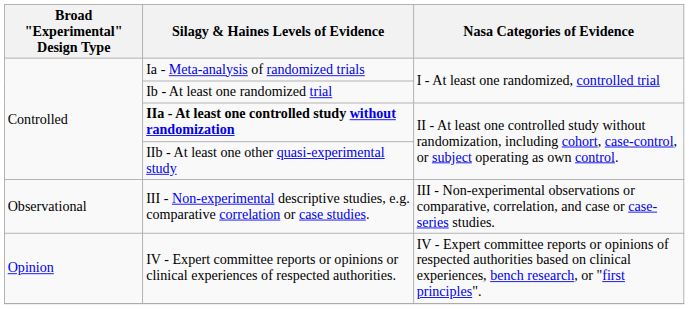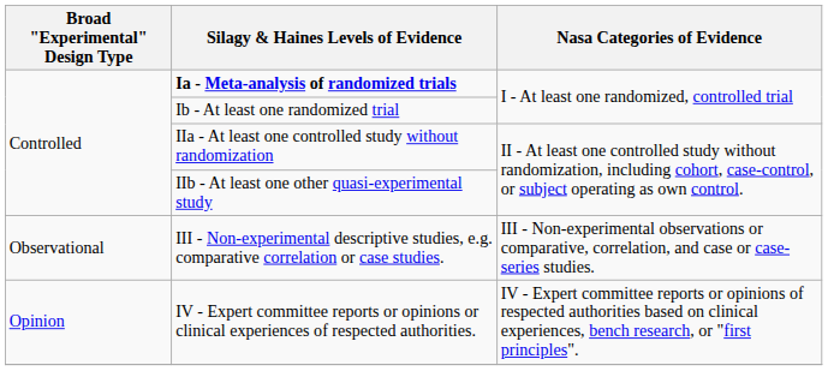 <table class="wikitable" >
 <tr>
 <th scope="col" width="150">Broad "Experimental" Design Type</th>
 <th scope="col" width="300">Silagy & Haines Levels of Evidence</th>
 <th scope="col" width="300">Nasa Categories of Evidence</th>
 </tr>
 <tr>
 <td rowspan="4">Controlled</td>
-<td>Ia - <a href='#'>Meta-analysis</a> of <a href='#'>randomized trials</a></td>
+<td><strong>Ia - <a href='#'>Meta-analysis</a> of <a href='#'>randomized trials</a></strong></td>
 <td rowspan="2">I - At least one randomized, <a href='#'>controlled trial</a></td>
 </tr>
 <tr>
 <td>Ib - At least one randomized <a href='#'>trial</a></td>
 </tr>
 <tr>
-<td><strong>IIa - At least one controlled study <a href='#'>without randomization</a></strong></td>
+<td>IIa - At least one controlled study <a href='#'>without randomization</a></td>
 <td rowspan="2">II - At least one controlled study without randomization, including <a href='#'>cohort</a>, <a href='#'>case-control</a>, or <a href='#'>subject</a> operating as own <a href='#'>control</a>.</td>
 </tr>
 <tr>
 <td>IIb - At least one other <a href='#'>quasi-experimental</a> <a href='#'>study</a></td>
 </tr>
 <tr>
 <td>Observational</td>
 <td>III - <a href='#'>Non-experimental</a> descriptive studies, e.g. comparative <a href='#'>correlation</a> or <a href='#'>case studies</a>.</td>
 <td>III - Non-experimental observations or comparative, correlation, and case or <a href='#'>case-series</a> studies.</td>
 </tr>
 <tr>
 <td><a href='#'>Opinion</a></td>
 <td>IV - Expert committee reports or opinions or clinical experiences of respected authorities.</td>
 <td>IV - Expert committee reports or opinions of respected authorities based on clinical experiences, <a href='#'>bench research</a>, or "<a href='#'>first principles</a>".</td>
 </tr>
 <tr>
 </tr>
 </table>
